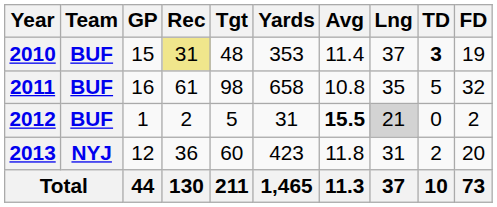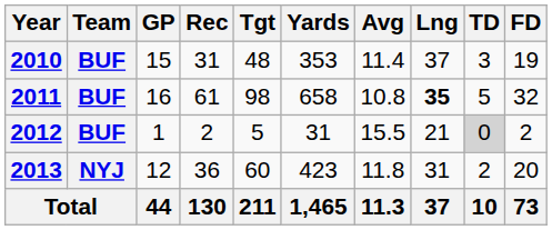 <table class="wikitable" style="text-align: center;">
 <tr>
 <th>Year</th>
 <th>Team</th>
 <th>GP</th>
 <th>Rec</th>
 <th>Tgt</th>
 <th>Yards</th>
 <th>Avg</th>
 <th>Lng</th>
 <th>TD</th>
 <th>FD</th>
 </tr>
 <tr>
 <th><a href='#'>2010</a></th>
 <th><a href='#'>BUF</a></th>
 <td>15</td>
-<td style="background: khaki;">31</td>
+<td>31</td>
 <td>48</td>
 <td>353</td>
 <td>11.4</td>
 <td>37</td>
-<td><strong>3</strong></td>
+<td>3</td>
 <td>19</td>
 </tr>
 <tr>
 <th><a href='#'>2011</a></th>
 <th><a href='#'>BUF</a></th>
 <td>16</td>
 <td>61</td>
 <td>98</td>
 <td>658</td>
 <td>10.8</td>
-<td>35</td>
+<td><strong>35</strong></td>
 <td>5</td>
 <td>32</td>
 </tr>
 <tr>
 <th><a href='#'>2012</a></th>
 <th><a href='#'>BUF</a></th>
 <td>1</td>
 <td>2</td>
 <td>5</td>
 <td>31</td>
-<td><strong>15.5</strong></td>
-<td style="background: lightgrey;">21</td>
-<td>0</td>
+<td>15.5</td>
+<td>21</td>
+<td style="background: lightgrey;">0</td>
 <td>2</td>
 </tr>
 <tr>
 <th><a href='#'>2013</a></th>
 <th><a href='#'>NYJ</a></th>
 <td>12</td>
 <td>36</td>
 <td>60</td>
 <td>423</td>
 <td>11.8</td>
 <td>31</td>
 <td>2</td>
 <td>20</td>
 </tr>
 <tr>
 <th colspan="2">Total</th>
 <th>44</th>
 <th>130</th>
 <th>211</th>
 <th>1,465</th>
 <th>11.3</th>
 <th>37</th>
 <th>10</th>
 <th>73</th>
 </tr>
 </table>
